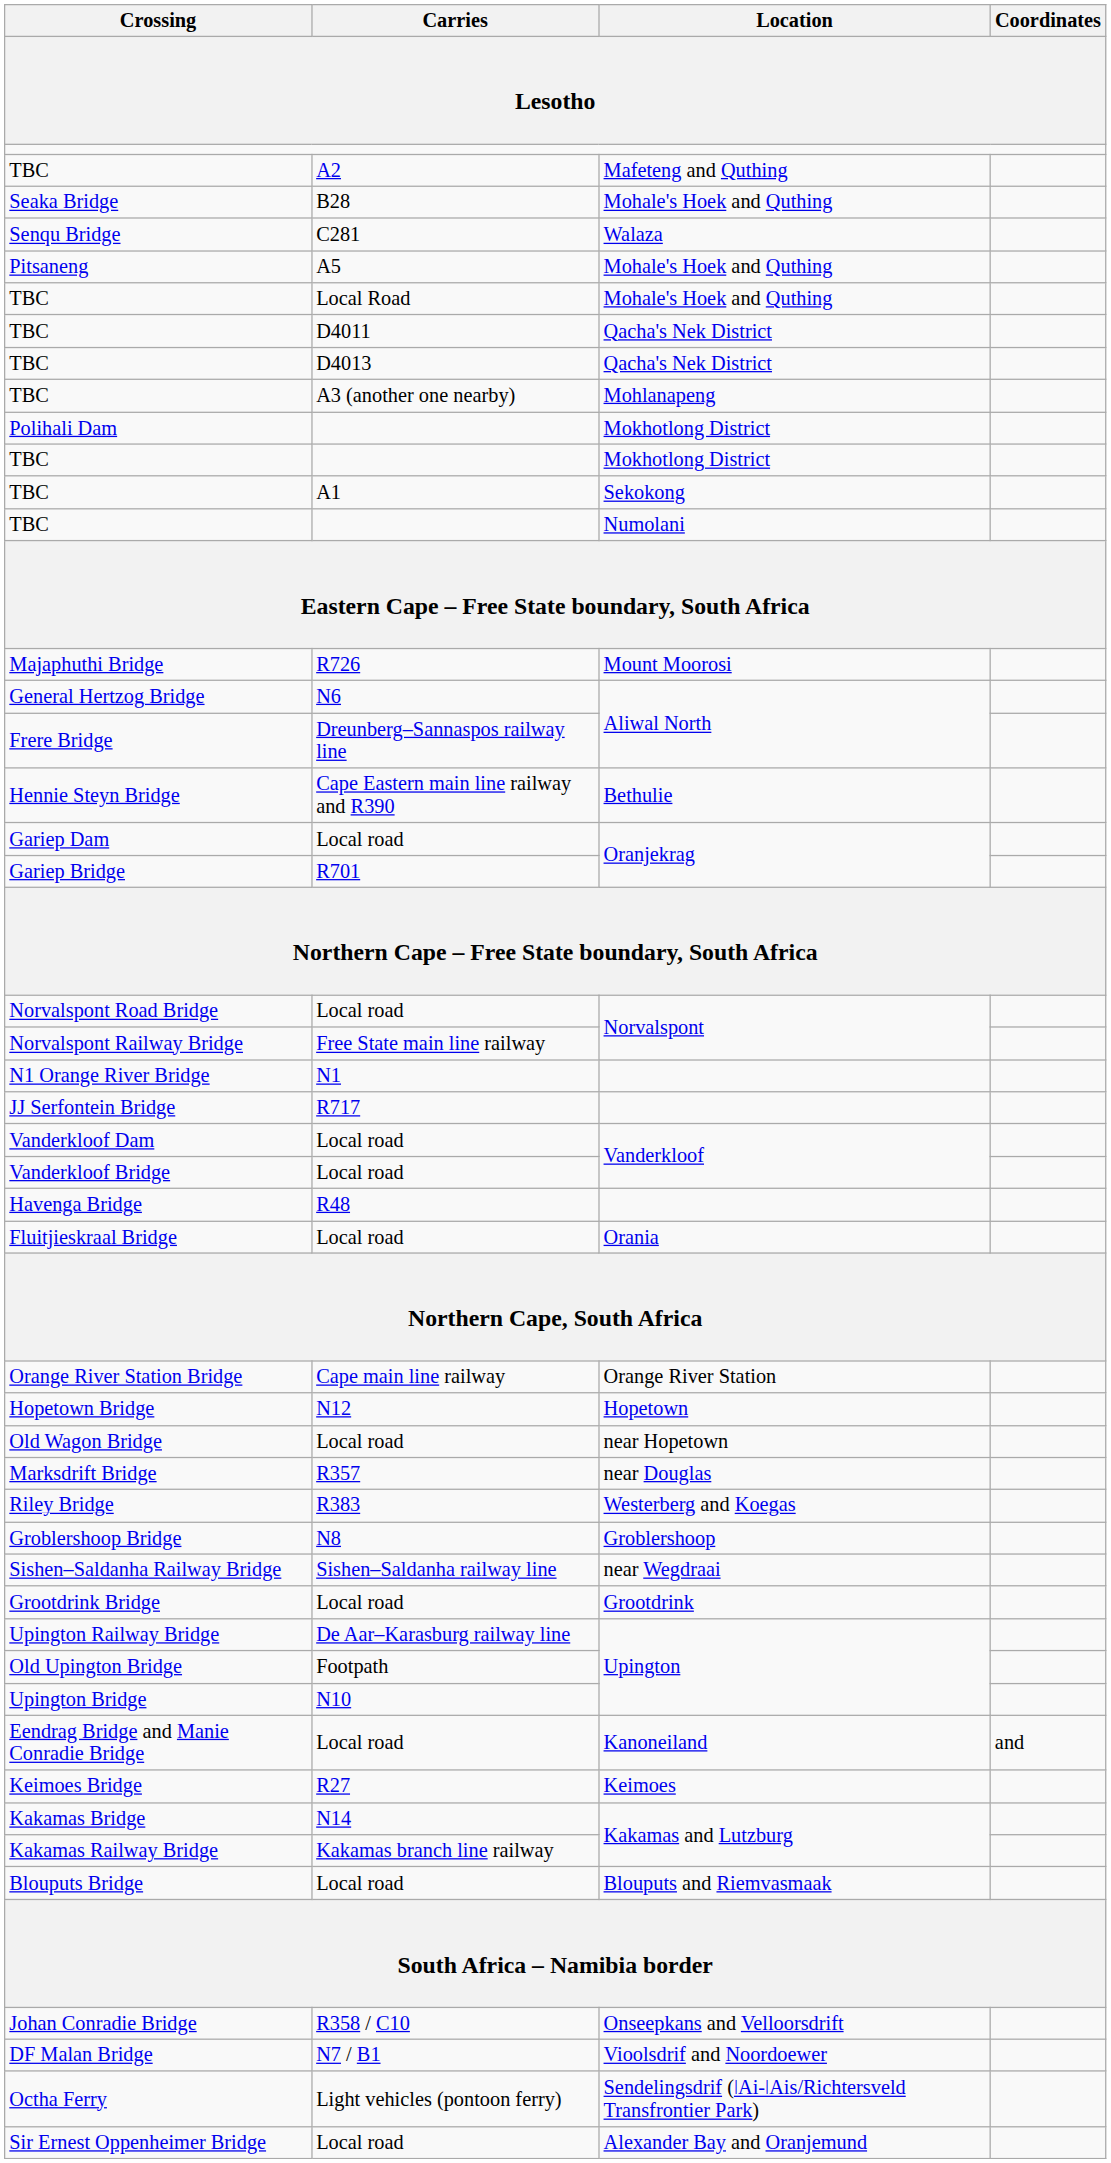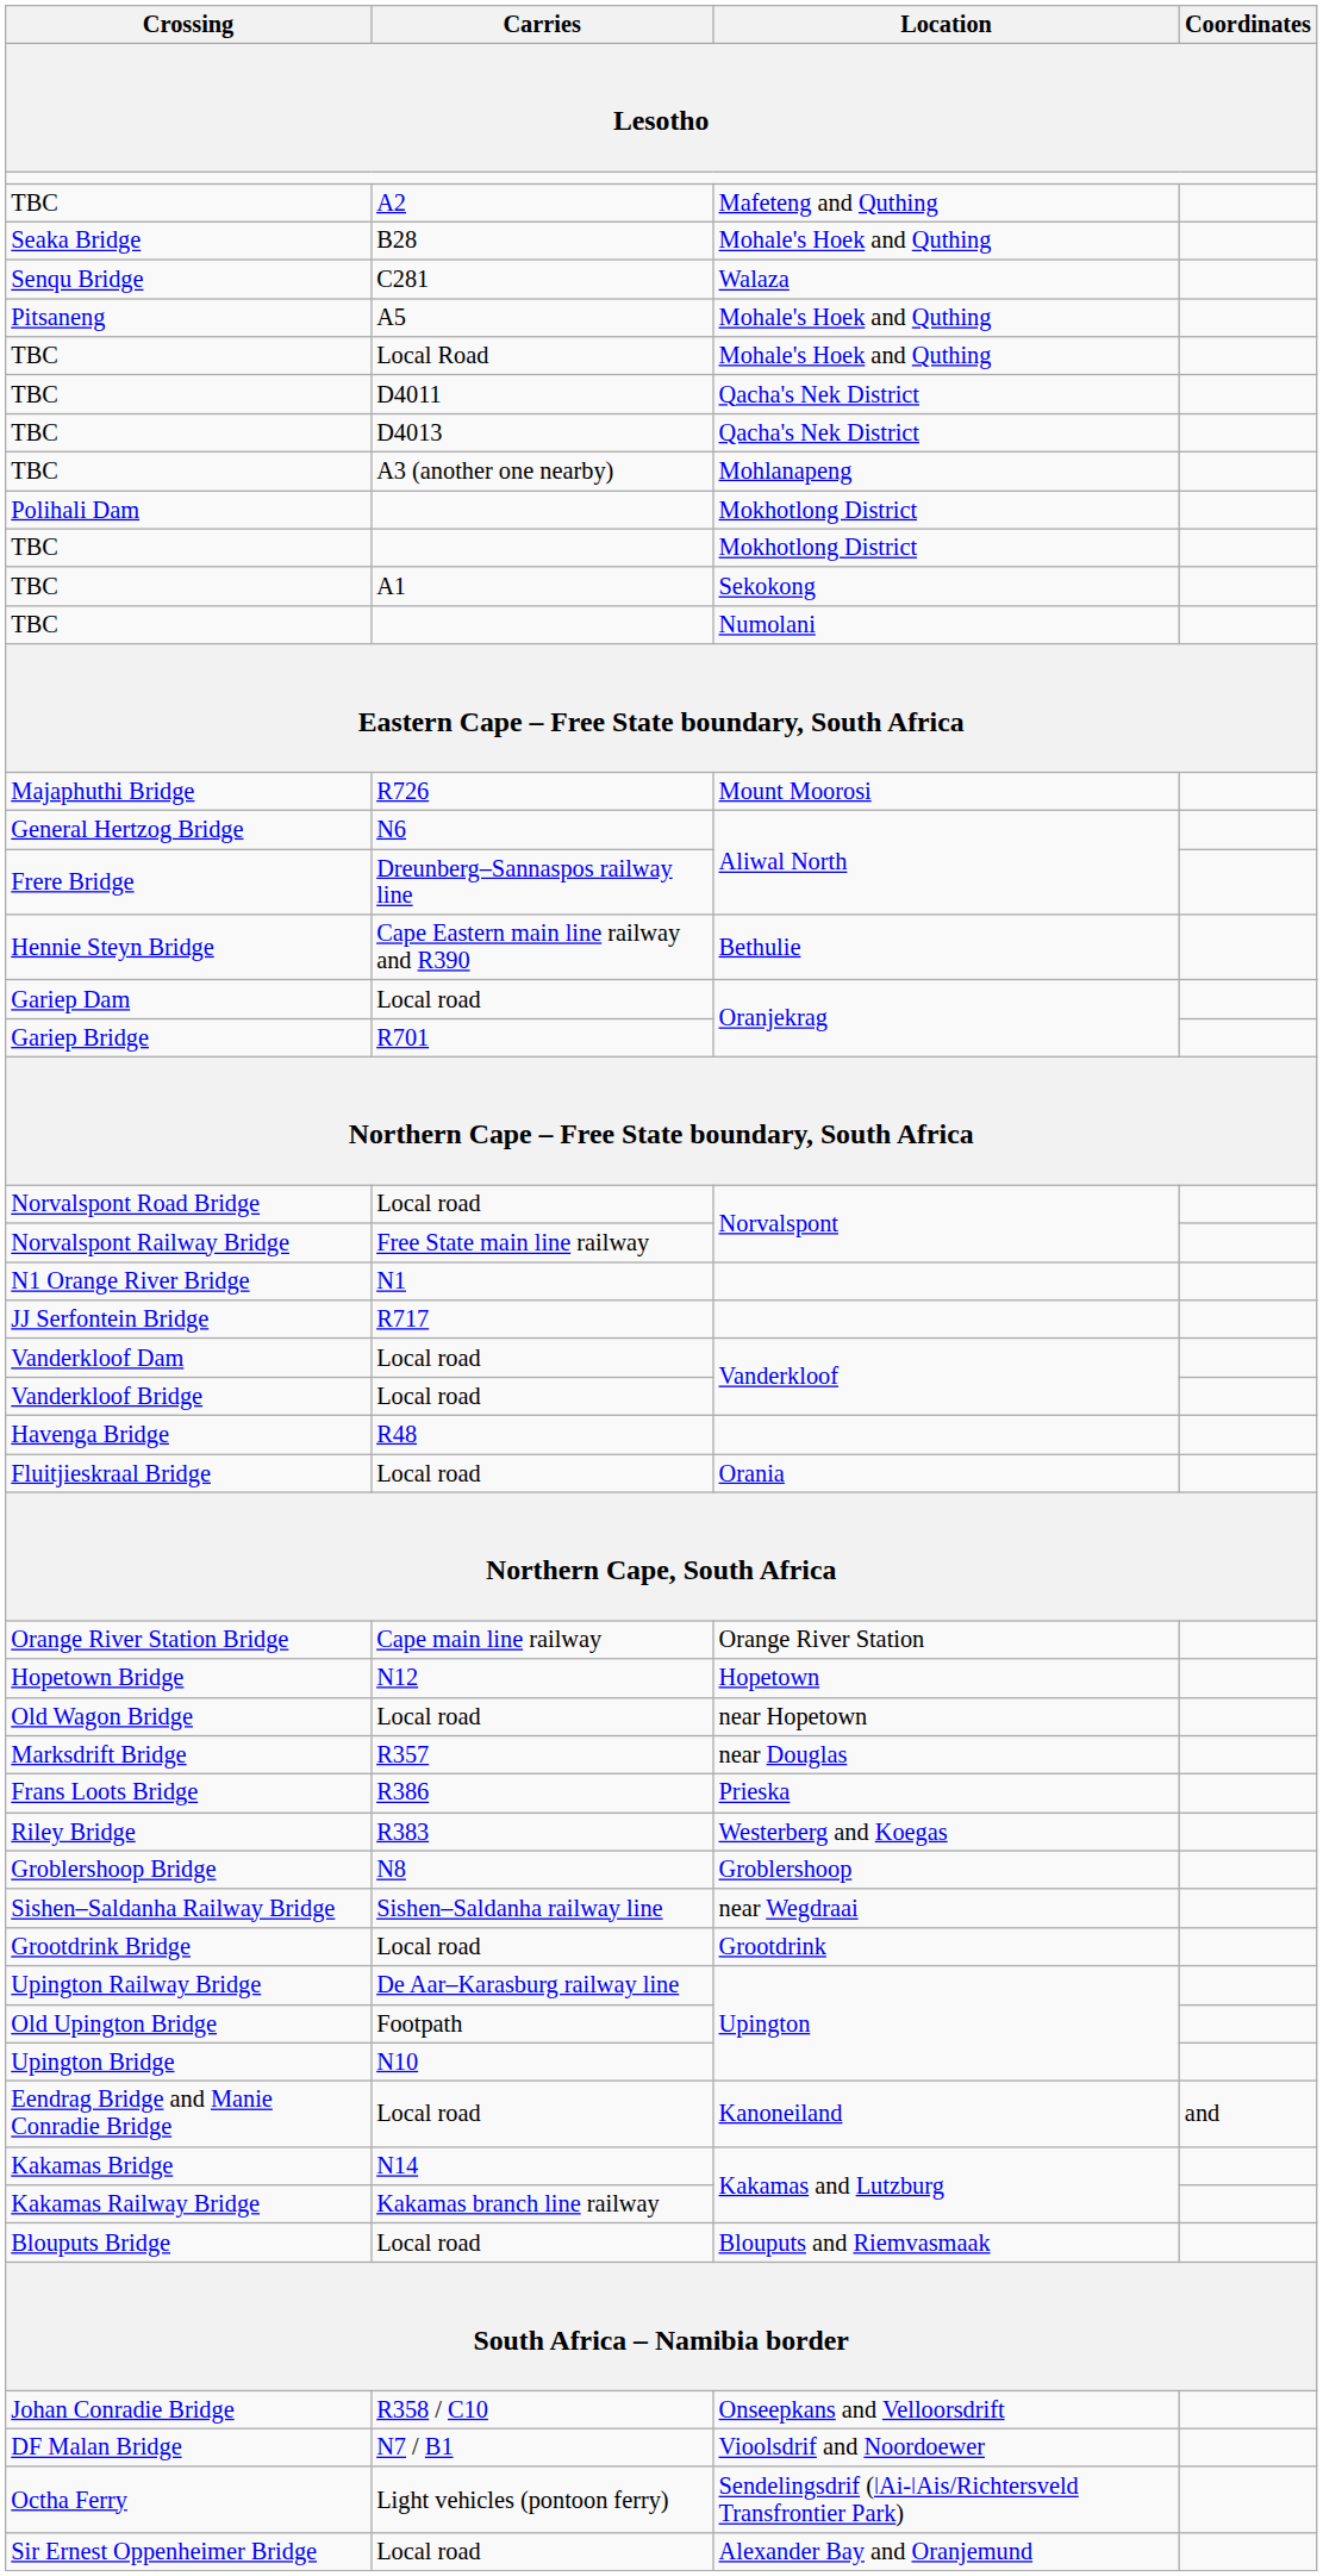 <table class=wikitable>
 <tr>
 <th>Crossing</th>
 <th>Carries</th>
 <th>Location</th>
 <th>Coordinates</th>
 </tr>
 <tr>
 <th colspan=4><br><h3>Lesotho</h3></th>
 </tr>
 <tr>
 <td colspan=4></td>
 </tr>
 <tr>
 <td>TBC</td>
 <td> <a href='#'>A2</a></td>
 <td><a href='#'>Mafeteng</a> and <a href='#'>Quthing</a></td>
 <td></td>
 </tr>
 <tr>
 <td><a href='#'>Seaka Bridge</a></td>
 <td>B28</td>
 <td><a href='#'>Mohale's Hoek</a> and <a href='#'>Quthing</a></td>
 <td></td>
 </tr>
 <tr>
 <td><a href='#'>Senqu Bridge</a></td>
 <td>C281</td>
 <td><a href='#'>Walaza</a></td>
 <td></td>
 </tr>
 <tr>
 <td><a href='#'>Pitsaneng</a></td>
 <td>A5</td>
 <td><a href='#'>Mohale's Hoek</a> and <a href='#'>Quthing</a></td>
 <td></td>
 </tr>
 <tr>
 <td>TBC</td>
 <td>Local Road</td>
 <td><a href='#'>Mohale's Hoek</a> and <a href='#'>Quthing</a></td>
 <td></td>
 </tr>
 <tr>
 <td>TBC</td>
 <td>D4011</td>
 <td><a href='#'>Qacha's Nek District</a></td>
 <td></td>
 </tr>
 <tr>
 <td>TBC</td>
 <td>D4013</td>
 <td><a href='#'>Qacha's Nek District</a></td>
 <td></td>
 </tr>
 <tr>
 <td>TBC</td>
 <td>A3 (another one nearby)</td>
 <td><a href='#'>Mohlanapeng</a></td>
 <td></td>
 </tr>
 <tr>
 <td><a href='#'>Polihali Dam</a></td>
 <td></td>
 <td><a href='#'>Mokhotlong District</a></td>
 <td></td>
 </tr>
 <tr>
 <td>TBC</td>
 <td></td>
 <td><a href='#'>Mokhotlong District</a></td>
 <td></td>
 </tr>
 <tr>
 <td>TBC</td>
 <td>A1</td>
 <td><a href='#'>Sekokong</a></td>
 <td></td>
 </tr>
 <tr>
 <td>TBC</td>
 <td></td>
 <td><a href='#'>Numolani</a></td>
 <td></td>
 </tr>
 <tr>
 <th colspan=4><br><h3>Eastern Cape – Free State boundary, South Africa</h3></th>
 </tr>
 <tr>
 <td><a href='#'>Majaphuthi Bridge</a></td>
 <td><a href='#'>R726</a></td>
 <td><a href='#'>Mount Moorosi</a></td>
 <td></td>
 </tr>
 <tr>
 <td><a href='#'>General Hertzog Bridge</a></td>
 <td> <a href='#'>N6</a></td>
 <td rowspan=2><a href='#'>Aliwal North</a></td>
 <td></td>
 </tr>
 <tr>
 <td><a href='#'>Frere Bridge</a></td>
 <td><a href='#'>Dreunberg–Sannaspos railway line</a></td>
 <td></td>
 </tr>
 <tr>
 <td><a href='#'>Hennie Steyn Bridge</a></td>
 <td><a href='#'>Cape Eastern main line</a> railway and <a href='#'>R390</a></td>
 <td><a href='#'>Bethulie</a></td>
 <td></td>
 </tr>
 <tr>
 <td><a href='#'>Gariep Dam</a></td>
 <td>Local road</td>
 <td rowspan="2"><a href='#'>Oranjekrag</a></td>
 <td></td>
 </tr>
 <tr>
 <td><a href='#'>Gariep Bridge</a></td>
 <td><a href='#'>R701</a></td>
 <td></td>
 </tr>
 <tr>
 <th colspan=4><br><h3>Northern Cape – Free State boundary, South Africa</h3></th>
 </tr>
 <tr>
 <td><a href='#'>Norvalspont Road Bridge</a></td>
 <td>Local road</td>
 <td rowspan="2"><a href='#'>Norvalspont</a></td>
 <td></td>
 </tr>
 <tr>
 <td><a href='#'>Norvalspont Railway Bridge</a></td>
 <td><a href='#'>Free State main line</a> railway</td>
 <td></td>
 </tr>
 <tr>
 <td><a href='#'>N1 Orange River Bridge</a></td>
 <td> <a href='#'>N1</a></td>
 <td></td>
 <td></td>
 </tr>
 <tr>
 <td><a href='#'>JJ Serfontein Bridge</a></td>
 <td><a href='#'>R717</a></td>
 <td></td>
 <td></td>
 </tr>
 <tr>
 <td><a href='#'>Vanderkloof Dam</a></td>
 <td>Local road</td>
 <td rowspan="2"><a href='#'>Vanderkloof</a></td>
 <td></td>
 </tr>
 <tr>
 <td><a href='#'>Vanderkloof Bridge</a></td>
 <td>Local road</td>
 <td></td>
 </tr>
 <tr>
 <td><a href='#'>Havenga Bridge</a></td>
 <td> <a href='#'>R48</a></td>
 <td></td>
 <td></td>
 </tr>
 <tr>
 <td><a href='#'>Fluitjieskraal Bridge</a></td>
 <td>Local road</td>
 <td><a href='#'>Orania</a></td>
 <td></td>
 </tr>
 <tr>
 <th colspan=4><br><h3>Northern Cape, South Africa</h3></th>
 </tr>
 <tr>
 <td><a href='#'>Orange River Station Bridge</a></td>
 <td><a href='#'>Cape main line</a> railway</td>
 <td>Orange River Station</td>
 <td></td>
 </tr>
 <tr>
 <td><a href='#'>Hopetown Bridge</a></td>
 <td> <a href='#'>N12</a></td>
 <td><a href='#'>Hopetown</a></td>
 <td></td>
 </tr>
 <tr>
 <td><a href='#'>Old Wagon Bridge</a></td>
 <td>Local road</td>
 <td>near Hopetown</td>
 <td></td>
 </tr>
 <tr>
 <td><a href='#'>Marksdrift Bridge</a></td>
 <td><a href='#'>R357</a></td>
 <td>near <a href='#'>Douglas</a></td>
 <td></td>
 </tr>
 <tr>
+<td><a href='#'>Frans Loots Bridge</a></td>
+<td><a href='#'>R386</a></td>
+<td><a href='#'>Prieska</a></td>
+<td></td>
+</tr>
+<tr>
 <td><a href='#'>Riley Bridge</a></td>
 <td><a href='#'>R383</a></td>
 <td><a href='#'>Westerberg</a> and <a href='#'>Koegas</a></td>
 <td></td>
 </tr>
 <tr>
 <td><a href='#'>Groblershoop Bridge</a></td>
 <td> <a href='#'>N8</a></td>
 <td><a href='#'>Groblershoop</a></td>
 <td></td>
 </tr>
 <tr>
 <td><a href='#'>Sishen–Saldanha Railway Bridge</a></td>
 <td><a href='#'>Sishen–Saldanha railway line</a></td>
 <td>near <a href='#'>Wegdraai</a></td>
 <td></td>
 </tr>
 <tr>
 <td><a href='#'>Grootdrink Bridge</a></td>
 <td>Local road</td>
 <td><a href='#'>Grootdrink</a></td>
 <td></td>
 </tr>
 <tr>
 <td><a href='#'>Upington Railway Bridge</a></td>
 <td><a href='#'>De Aar–Karasburg railway line</a></td>
 <td rowspan=3><a href='#'>Upington</a></td>
 <td></td>
 </tr>
 <tr>
 <td><a href='#'>Old Upington Bridge</a></td>
 <td>Footpath</td>
 <td></td>
 </tr>
 <tr>
 <td><a href='#'>Upington Bridge</a></td>
 <td> <a href='#'>N10</a></td>
 <td></td>
 </tr>
 <tr>
 <td><a href='#'>Eendrag Bridge</a> and <a href='#'>Manie Conradie Bridge</a></td>
 <td>Local road</td>
 <td><a href='#'>Kanoneiland</a></td>
 <td> and </td>
 </tr>
 <tr>
-<td><a href='#'>Keimoes Bridge</a></td>
-<td> <a href='#'>R27</a></td>
-<td><a href='#'>Keimoes</a></td>
-<td></td>
-</tr>
-<tr>
 <td><a href='#'>Kakamas Bridge</a></td>
 <td> <a href='#'>N14</a></td>
 <td rowspan=2><a href='#'>Kakamas</a> and <a href='#'>Lutzburg</a></td>
 <td></td>
 </tr>
 <tr>
 <td><a href='#'>Kakamas Railway Bridge</a></td>
 <td><a href='#'>Kakamas branch line</a> railway</td>
 <td></td>
 </tr>
 <tr>
 <td><a href='#'>Blouputs Bridge</a></td>
 <td>Local road</td>
 <td><a href='#'>Blouputs</a> and <a href='#'>Riemvasmaak</a></td>
 <td></td>
 </tr>
 <tr>
 <th colspan=4><br><h3>South Africa – Namibia border</h3></th>
 </tr>
 <tr>
 <td><a href='#'>Johan Conradie Bridge</a></td>
 <td><a href='#'>R358</a> / <a href='#'>C10</a></td>
 <td><a href='#'>Onseepkans</a> and <a href='#'>Velloorsdrift</a></td>
 <td></td>
 </tr>
 <tr>
 <td><a href='#'>DF Malan Bridge</a></td>
 <td> <a href='#'>N7</a> / <a href='#'>B1</a></td>
 <td><a href='#'>Vioolsdrif</a> and <a href='#'>Noordoewer</a></td>
 <td></td>
 </tr>
 <tr>
 <td><a href='#'>Octha Ferry</a></td>
 <td>Light vehicles (pontoon ferry)</td>
 <td><a href='#'>Sendelingsdrif</a> (<a href='#'>ǀAi-ǀAis/Richtersveld Transfrontier Park</a>)</td>
 <td></td>
 </tr>
 <tr>
 <td><a href='#'>Sir Ernest Oppenheimer Bridge</a></td>
 <td>Local road</td>
 <td><a href='#'>Alexander Bay</a> and <a href='#'>Oranjemund</a></td>
 <td></td>
 </tr>
 </table>
